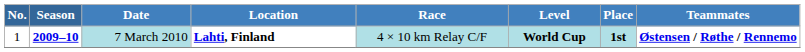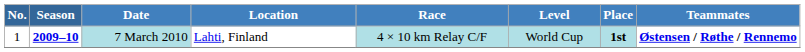 <table class="wikitable sortable" style="font-size:95%; text-align:center; border:grey solid 1px; border-collapse:collapse; background:#ffffff;">
 <tr style="background:#efefef;">
 <th style="background-color:#369; color:white;">No.</th>
 <th style="background-color:#369; color:white;">Season</th>
 <th style="background-color:#4180be; color:white; width:120px;">Date</th>
 <th style="background-color:#4180be; color:white; width:185px;">Location</th>
 <th style="background-color:#4180be; color:white; width:170px;">Race</th>
 <th style="background-color:#4180be; color:white; width:100px;">Level</th>
 <th style="background-color:#4180be; color:white;">Place</th>
 <th style="background-color:#4180be; color:white;">Teammates</th>
 </tr>
 <tr>
 <td align=center>1</td>
 <td rowspan=1 align=center><strong><a href='#'>2009–10</a></strong></td>
 <td bgcolor="#BOEOE6" align=right>7 March 2010</td>
-<td align=left><strong> <a href='#'>Lahti</a>, Finland</strong></td>
+<td align=left> <a href='#'>Lahti</a>, Finland</td>
 <td bgcolor="#BOEOE6">4 × 10 km Relay C/F</td>
-<td bgcolor="#BOEOE6"><strong>World Cup</strong></td>
+<td bgcolor="#BOEOE6">World Cup</td>
 <td bgcolor="#BOEOE6"><strong>1st</strong></td>
 <td><strong><a href='#'>Østensen</a> / <a href='#'>Røthe</a> / <a href='#'>Rennemo</a></strong></td>
 </tr>
 <tr>
 </tr>
 </table>
